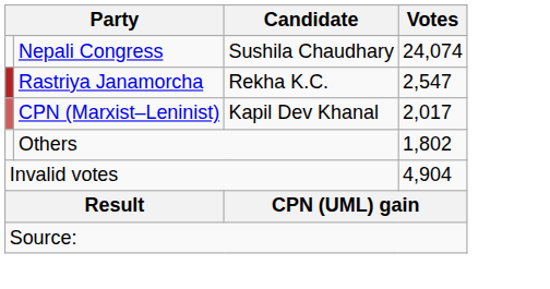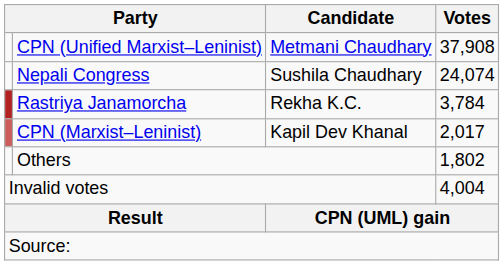 <table class="wikitable">
 <tr>
 <th colspan="2">Party</th>
 <th>Candidate</th>
 <th>Votes</th>
+</tr>
+<tr>
+<td style="background-color:"></td>
+<td><a href='#'>CPN (Unified Marxist–Leninist)</a></td>
+<td><a href='#'>Metmani Chaudhary</a></td>
+<td>37,908</td>
 </tr>
 <tr>
 <td style="background-color:"></td>
 <td><a href='#'>Nepali Congress</a></td>
 <td>Sushila Chaudhary</td>
 <td>24,074</td>
 </tr>
 <tr>
 <td style="background-color:firebrick"></td>
 <td><a href='#'>Rastriya Janamorcha</a></td>
 <td>Rekha K.C.</td>
-<td>2,547</td>
+<td>3,784</td>
 </tr>
 <tr>
 <td style="background-color:indianred"></td>
 <td><a href='#'>CPN (Marxist–Leninist)</a></td>
 <td>Kapil Dev Khanal</td>
 <td>2,017</td>
 </tr>
 <tr>
 <td></td>
 <td colspan="2">Others</td>
 <td>1,802</td>
 </tr>
 <tr>
 <td colspan="3">Invalid votes</td>
-<td>4,904</td>
+<td>4,004</td>
 </tr>
 <tr>
 <th colspan="2">Result</th>
 <th colspan="2">CPN (UML) gain</th>
 </tr>
 <tr>
 <td colspan="4">Source: </td>
 </tr>
 </table>
